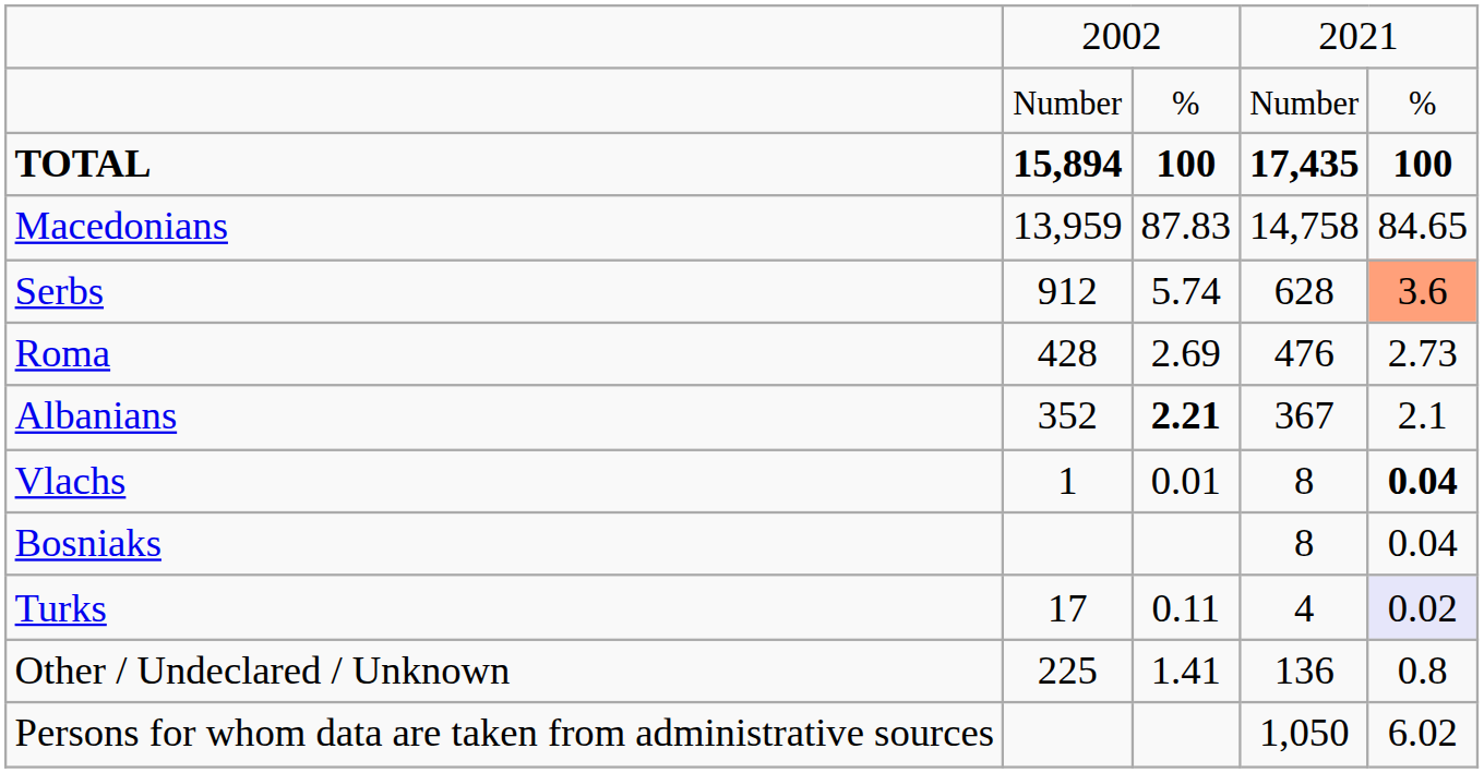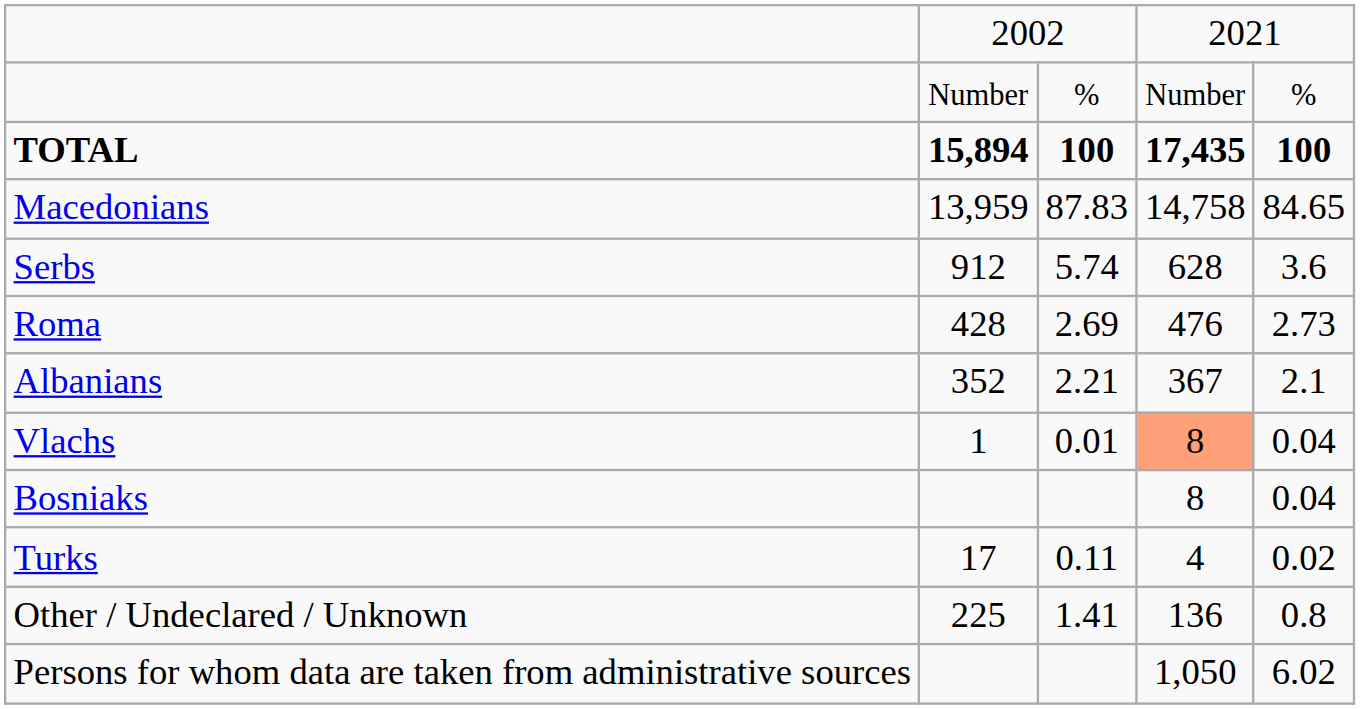 <table class="wikitable">
 <tr>
 <td></td>
 <td colspan="2" align="center">2002</td>
 <td colspan="2" align="center">2021</td>
 </tr>
 <tr>
 <td></td>
 <td align="center"><small>Number</small></td>
 <td align="center"><small>%</small></td>
 <td align="center"><small>Number</small></td>
 <td align="center"><small>%</small></td>
 </tr>
 <tr>
 <td><strong>TOTAL</strong></td>
 <td align="center"><strong>15,894</strong></td>
 <td align="center"><strong>100</strong></td>
 <td align="center"><strong>17,435</strong></td>
 <td align="center"><strong>100</strong></td>
 </tr>
 <tr>
 <td><a href='#'>Macedonians</a></td>
 <td align="center">13,959</td>
 <td align="center">87.83</td>
 <td align="center">14,758</td>
 <td align="center">84.65</td>
 </tr>
 <tr>
 <td><a href='#'>Serbs</a></td>
 <td align="center">912</td>
 <td align="center">5.74</td>
 <td align="center">628</td>
-<td align="center" style="background: lightsalmon;">3.6</td>
+<td align="center">3.6</td>
 </tr>
 <tr>
 <td><a href='#'>Roma</a></td>
 <td align="center">428</td>
 <td align="center">2.69</td>
 <td align="center">476</td>
 <td align="center">2.73</td>
 </tr>
 <tr>
 <td><a href='#'>Albanians</a></td>
 <td align="center">352</td>
-<td align="center"><strong>2.21</strong></td>
+<td align="center">2.21</td>
 <td align="center">367</td>
 <td align="center">2.1</td>
 </tr>
 <tr>
 <td><a href='#'>Vlachs</a></td>
 <td align="center">1</td>
 <td align="center">0.01</td>
-<td align="center">8</td>
-<td align="center"><strong>0.04</strong></td>
+<td align="center" style="background: lightsalmon;">8</td>
+<td align="center">0.04</td>
 </tr>
 <tr>
 <td><a href='#'>Bosniaks</a></td>
 <td align="center"></td>
 <td align="center"></td>
 <td align="center">8</td>
 <td align="center">0.04</td>
 </tr>
 <tr>
 <td><a href='#'>Turks</a></td>
 <td align="center">17</td>
 <td align="center">0.11</td>
 <td align="center">4</td>
-<td align="center" style="background: lavender;">0.02</td>
+<td align="center">0.02</td>
 </tr>
 <tr>
 <td>Other / Undeclared / Unknown</td>
 <td align="center">225</td>
 <td align="center">1.41</td>
 <td align="center">136</td>
 <td align="center">0.8</td>
 </tr>
 <tr>
 <td>Persons for whom data are taken from administrative sources</td>
 <td align="center"></td>
 <td align="center"></td>
 <td align="center">1,050</td>
 <td align="center">6.02</td>
 </tr>
 </table>
